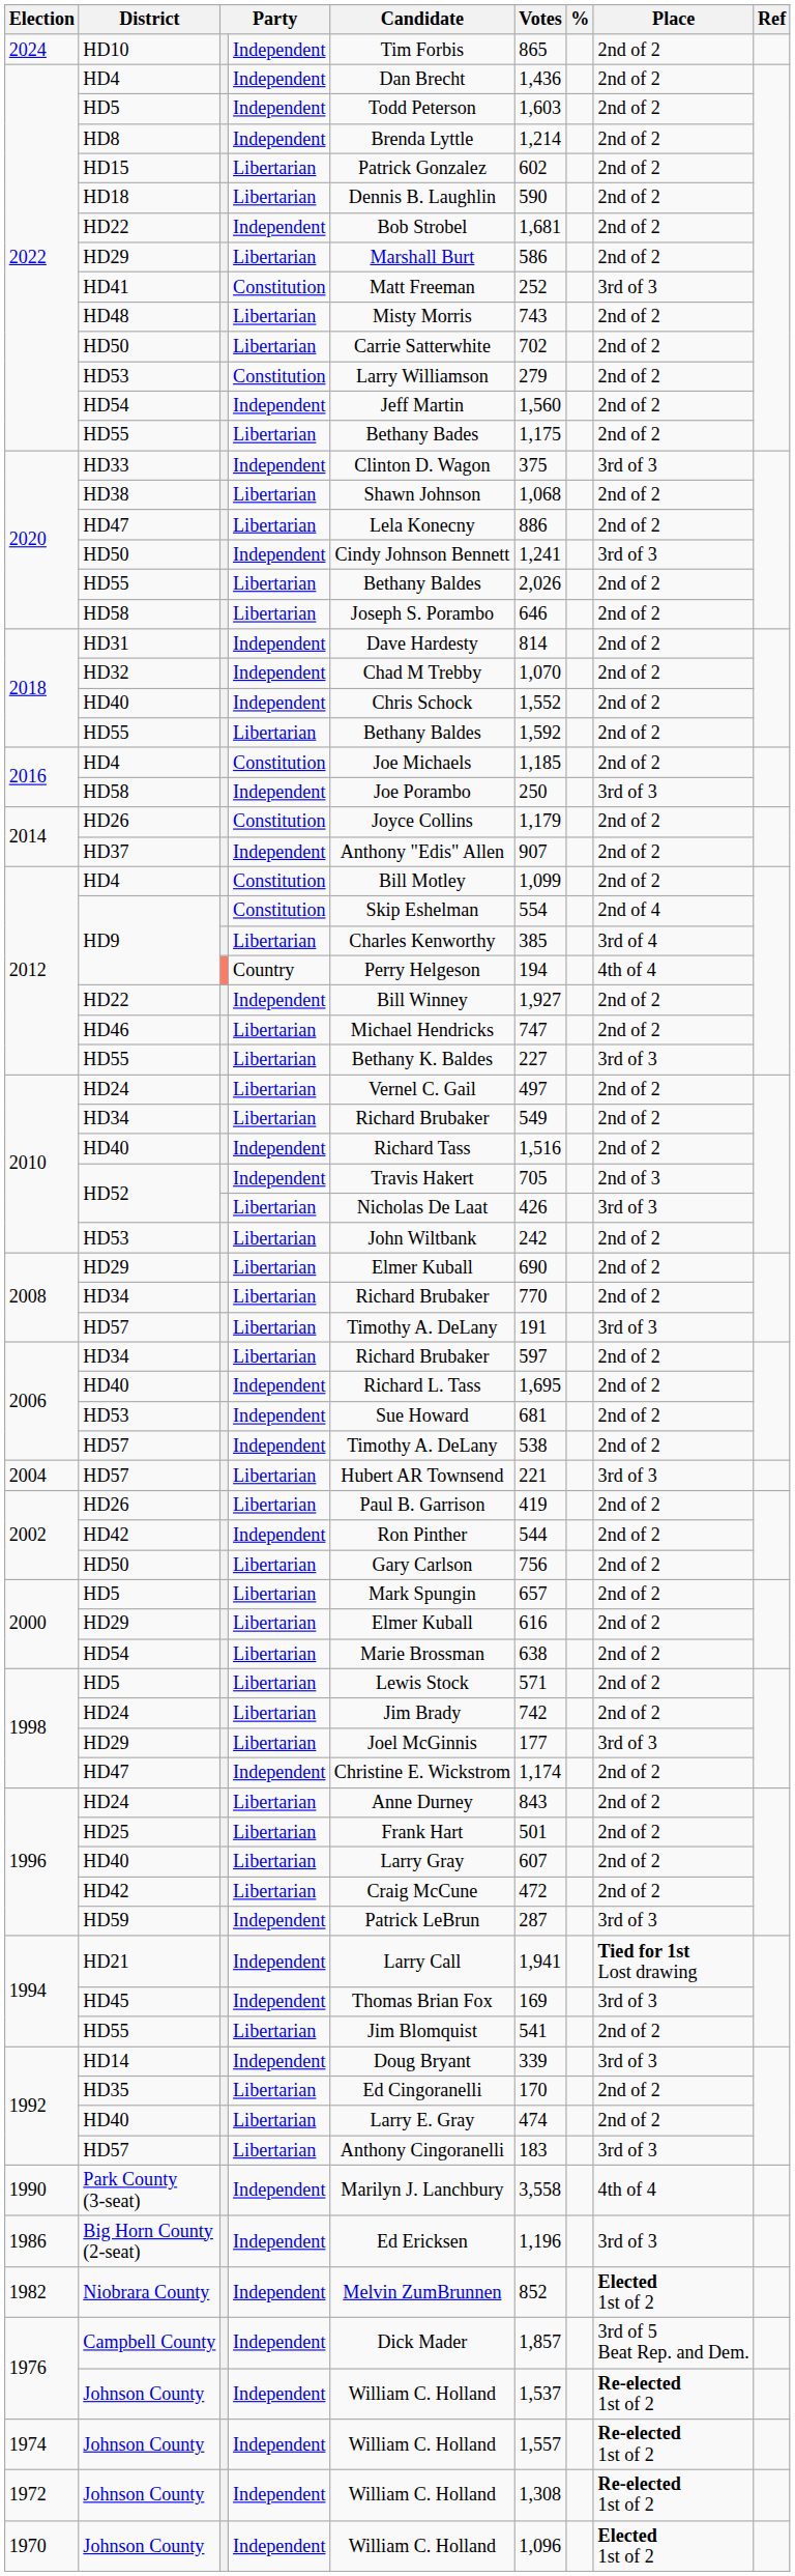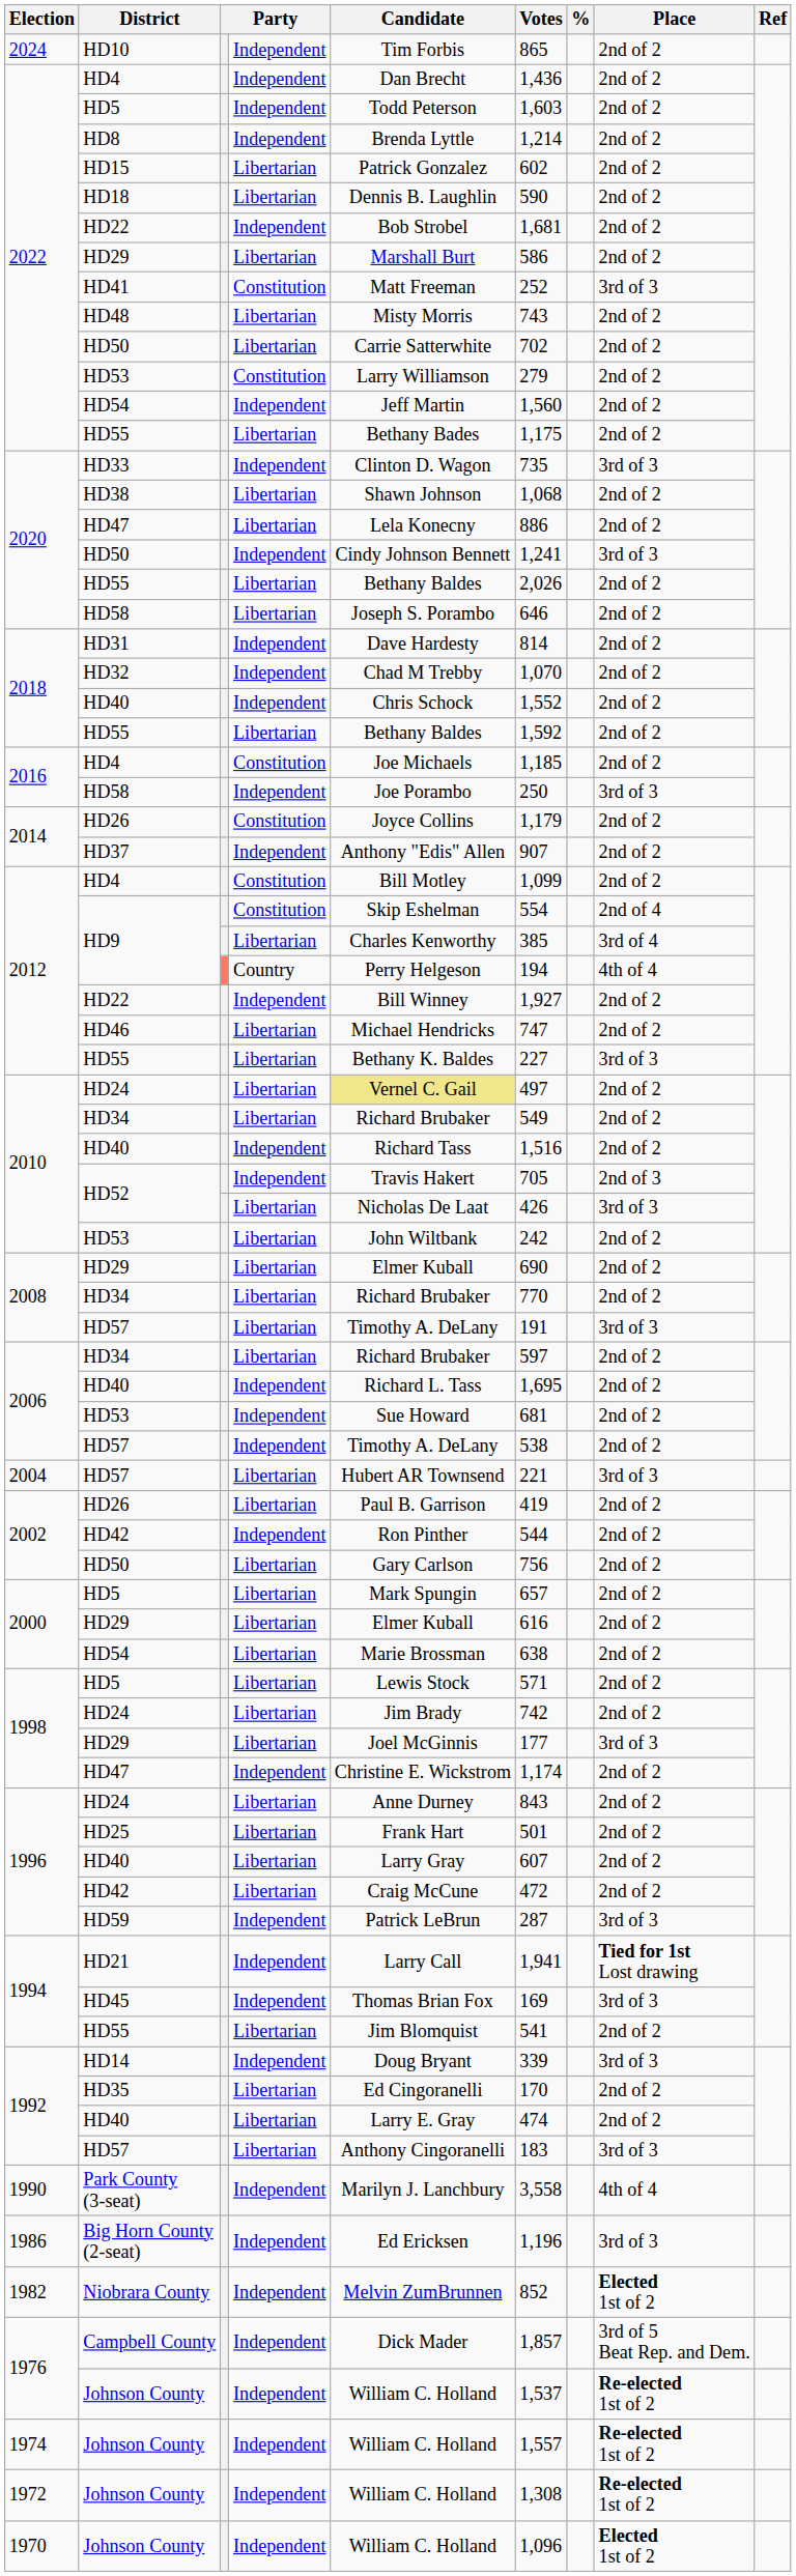 <table class="wikitable sortable">
 <tr>
 <th>Election</th>
 <th>District</th>
 <th colspan=2>Party</th>
 <th>Candidate</th>
 <th>Votes</th>
 <th>%</th>
 <th>Place</th>
 <th>Ref</th>
 </tr>
 <tr>
 <td rowspan=1><a href='#'>2024</a></td>
 <td>HD10</td>
 <th style="background-color:"></th>
 <td><a href='#'>Independent</a></td>
 <td align="center">Tim Forbis</td>
 <td>865</td>
 <td></td>
 <td>2nd of 2</td>
 <td rowspan=1></td>
 </tr>
 <tr>
 <td rowspan=13><a href='#'>2022</a></td>
 <td>HD4</td>
 <th style="background-color:"></th>
 <td><a href='#'>Independent</a></td>
 <td align="center">Dan Brecht</td>
 <td>1,436</td>
 <td></td>
 <td>2nd of 2</td>
 <td rowspan=13></td>
 </tr>
 <tr>
 <td>HD5</td>
 <th style="background-color:"></th>
 <td><a href='#'>Independent</a></td>
 <td align="center">Todd Peterson</td>
 <td>1,603</td>
 <td></td>
 <td>2nd of 2</td>
 </tr>
 <tr>
 <td>HD8</td>
 <th style="background-color:"></th>
 <td><a href='#'>Independent</a></td>
 <td align="center">Brenda Lyttle</td>
 <td>1,214</td>
 <td></td>
 <td>2nd of 2</td>
 </tr>
 <tr>
 <td>HD15</td>
 <th style="background-color:"></th>
 <td><a href='#'>Libertarian</a></td>
 <td align="center">Patrick Gonzalez</td>
 <td>602</td>
 <td></td>
 <td>2nd of 2</td>
 </tr>
 <tr>
 <td>HD18</td>
 <th style="background-color:"></th>
 <td><a href='#'>Libertarian</a></td>
 <td align="center">Dennis B. Laughlin</td>
 <td>590</td>
 <td></td>
 <td>2nd of 2</td>
 </tr>
 <tr>
 <td>HD22</td>
 <th style="background-color:"></th>
 <td><a href='#'>Independent</a></td>
 <td align="center">Bob Strobel</td>
 <td>1,681</td>
 <td></td>
 <td>2nd of 2</td>
 </tr>
 <tr>
 <td>HD29</td>
 <th style="background-color:"></th>
 <td><a href='#'>Libertarian</a></td>
 <td align="center"><a href='#'>Marshall Burt</a></td>
 <td>586</td>
 <td></td>
 <td>2nd of 2</td>
 </tr>
 <tr>
 <td>HD41</td>
 <th style="background-color:"></th>
 <td><a href='#'>Constitution</a></td>
 <td align="center">Matt Freeman</td>
 <td>252</td>
 <td></td>
 <td>3rd of 3</td>
 </tr>
 <tr>
 <td>HD48</td>
 <th style="background-color:"></th>
 <td><a href='#'>Libertarian</a></td>
 <td align="center">Misty Morris</td>
 <td>743</td>
 <td></td>
 <td>2nd of 2</td>
 </tr>
 <tr>
 <td>HD50</td>
 <th style="background-color:"></th>
 <td><a href='#'>Libertarian</a></td>
 <td align="center">Carrie Satterwhite</td>
 <td>702</td>
 <td></td>
 <td>2nd of 2</td>
 </tr>
 <tr>
 <td>HD53</td>
 <th style="background-color:"></th>
 <td><a href='#'>Constitution</a></td>
 <td align="center">Larry Williamson</td>
 <td>279</td>
 <td></td>
 <td>2nd of 2</td>
 </tr>
 <tr>
 <td>HD54</td>
 <th style="background-color:"></th>
 <td><a href='#'>Independent</a></td>
 <td align="center">Jeff Martin</td>
 <td>1,560</td>
 <td></td>
 <td>2nd of 2</td>
 </tr>
 <tr>
 <td>HD55</td>
 <th style="background-color:"></th>
 <td><a href='#'>Libertarian</a></td>
 <td align="center">Bethany Bades</td>
 <td>1,175</td>
 <td></td>
 <td>2nd of 2</td>
 </tr>
 <tr>
 <td rowspan=6><a href='#'>2020</a></td>
 <td>HD33</td>
 <th style="background-color:"></th>
 <td><a href='#'>Independent</a></td>
 <td align="center">Clinton D. Wagon</td>
-<td>375</td>
+<td>735</td>
 <td></td>
 <td>3rd of 3</td>
 <td rowspan=6></td>
 </tr>
 <tr>
 <td>HD38</td>
 <th style="background-color:"></th>
 <td><a href='#'>Libertarian</a></td>
 <td align="center">Shawn Johnson</td>
 <td>1,068</td>
 <td></td>
 <td>2nd of 2</td>
 </tr>
 <tr>
 <td>HD47</td>
 <th style="background-color:"></th>
 <td><a href='#'>Libertarian</a></td>
 <td align="center">Lela Konecny</td>
 <td>886</td>
 <td></td>
 <td>2nd of 2</td>
 </tr>
 <tr>
 <td>HD50</td>
 <th style="background-color:"></th>
 <td><a href='#'>Independent</a></td>
 <td align="center">Cindy Johnson Bennett</td>
 <td>1,241</td>
 <td></td>
 <td>3rd of 3</td>
 </tr>
 <tr>
 <td>HD55</td>
 <th style="background-color:"></th>
 <td><a href='#'>Libertarian</a></td>
 <td align="center">Bethany Baldes</td>
 <td>2,026</td>
 <td></td>
 <td>2nd of 2</td>
 </tr>
 <tr>
 <td>HD58</td>
 <th style="background-color:"></th>
 <td><a href='#'>Libertarian</a></td>
 <td align="center">Joseph S. Porambo</td>
 <td>646</td>
 <td></td>
 <td>2nd of 2</td>
 </tr>
 <tr>
 <td rowspan=4><a href='#'>2018</a></td>
 <td>HD31</td>
 <th style="background-color:"></th>
 <td><a href='#'>Independent</a></td>
 <td align="center">Dave Hardesty</td>
 <td>814</td>
 <td></td>
 <td>2nd of 2</td>
 <td rowspan=4></td>
 </tr>
 <tr>
 <td>HD32</td>
 <th style="background-color:"></th>
 <td><a href='#'>Independent</a></td>
 <td align="center">Chad M Trebby</td>
 <td>1,070</td>
 <td></td>
 <td>2nd of 2</td>
 </tr>
 <tr>
 <td>HD40</td>
 <th style="background-color:"></th>
 <td><a href='#'>Independent</a></td>
 <td align="center">Chris Schock</td>
 <td>1,552</td>
 <td></td>
 <td>2nd of 2</td>
 </tr>
 <tr>
 <td>HD55</td>
 <th style="background-color:"></th>
 <td><a href='#'>Libertarian</a></td>
 <td align="center">Bethany Baldes</td>
 <td>1,592</td>
 <td></td>
 <td>2nd of 2</td>
 </tr>
 <tr>
 <td rowspan=2><a href='#'>2016</a></td>
 <td>HD4</td>
 <th style="background-color:"></th>
 <td><a href='#'>Constitution</a></td>
 <td align="center">Joe Michaels</td>
 <td>1,185</td>
 <td></td>
 <td>2nd of 2</td>
 <td rowspan=2></td>
 </tr>
 <tr>
 <td>HD58</td>
 <th style="background-color:"></th>
 <td><a href='#'>Independent</a></td>
 <td align="center">Joe Porambo</td>
 <td>250</td>
 <td></td>
 <td>3rd of 3</td>
 </tr>
 <tr>
 <td rowspan=2>2014</td>
 <td>HD26</td>
 <th style="background-color:"></th>
 <td><a href='#'>Constitution</a></td>
 <td align="center">Joyce Collins</td>
 <td>1,179</td>
 <td></td>
 <td>2nd of 2</td>
 <td rowspan=2></td>
 </tr>
 <tr>
 <td>HD37</td>
 <th style="background-color:"></th>
 <td><a href='#'>Independent</a></td>
 <td align="center">Anthony "Edis" Allen</td>
 <td>907</td>
 <td></td>
 <td>2nd of 2</td>
 </tr>
 <tr>
 <td rowspan=7>2012</td>
 <td>HD4</td>
 <th style="background-color:"></th>
 <td><a href='#'>Constitution</a></td>
 <td align="center">Bill Motley</td>
 <td>1,099</td>
 <td></td>
 <td>2nd of 2</td>
 <td rowspan=7></td>
 </tr>
 <tr>
 <td rowspan=3>HD9</td>
 <th style="background-color:"></th>
 <td><a href='#'>Constitution</a></td>
 <td align="center">Skip Eshelman</td>
 <td>554</td>
 <td></td>
 <td>2nd of 4</td>
 </tr>
 <tr>
 <th style="background-color:"></th>
 <td><a href='#'>Libertarian</a></td>
 <td align="center">Charles Kenworthy</td>
 <td>385</td>
 <td></td>
 <td>3rd of 4</td>
 </tr>
 <tr>
 <th style="background-color:#FF7963"></th>
 <td>Country</td>
 <td align="center">Perry Helgeson</td>
 <td>194</td>
 <td></td>
 <td>4th of 4</td>
 </tr>
 <tr>
 <td>HD22</td>
 <th style="background-color:"></th>
 <td><a href='#'>Independent</a></td>
 <td align="center">Bill Winney</td>
 <td>1,927</td>
 <td></td>
 <td>2nd of 2</td>
 </tr>
 <tr>
 <td>HD46</td>
 <th style="background-color:"></th>
 <td><a href='#'>Libertarian</a></td>
 <td align="center">Michael Hendricks</td>
 <td>747</td>
 <td></td>
 <td>2nd of 2</td>
 </tr>
 <tr>
 <td>HD55</td>
 <th style="background-color:"></th>
 <td><a href='#'>Libertarian</a></td>
 <td align="center">Bethany K. Baldes</td>
 <td>227</td>
 <td></td>
 <td>3rd of 3</td>
 </tr>
 <tr>
 <td rowspan=6>2010</td>
 <td>HD24</td>
 <th style="background-color:"></th>
 <td><a href='#'>Libertarian</a></td>
-<td align="center">Vernel C. Gail</td>
+<td align="center" style="background: khaki;">Vernel C. Gail</td>
 <td>497</td>
 <td></td>
 <td>2nd of 2</td>
 <td rowspan=6></td>
 </tr>
 <tr>
 <td>HD34</td>
 <th style="background-color:"></th>
 <td><a href='#'>Libertarian</a></td>
 <td align="center">Richard Brubaker</td>
 <td>549</td>
 <td></td>
 <td>2nd of 2</td>
 </tr>
 <tr>
 <td>HD40</td>
 <th style="background-color:"></th>
 <td><a href='#'>Independent</a></td>
 <td align="center">Richard Tass</td>
 <td>1,516</td>
 <td></td>
 <td>2nd of 2</td>
 </tr>
 <tr>
 <td rowspan=2>HD52</td>
 <th style="background-color:"></th>
 <td><a href='#'>Independent</a></td>
 <td align="center">Travis Hakert</td>
 <td>705</td>
 <td></td>
 <td>2nd of 3</td>
 </tr>
 <tr>
 <th style="background-color:"></th>
 <td><a href='#'>Libertarian</a></td>
 <td align="center">Nicholas De Laat</td>
 <td>426</td>
 <td></td>
 <td>3rd of 3</td>
 </tr>
 <tr>
 <td>HD53</td>
 <th style="background-color:"></th>
 <td><a href='#'>Libertarian</a></td>
 <td align="center">John Wiltbank</td>
 <td>242</td>
 <td></td>
 <td>2nd of 2</td>
 </tr>
 <tr>
 <td rowspan=3>2008</td>
 <td>HD29</td>
 <th style="background-color:"></th>
 <td><a href='#'>Libertarian</a></td>
 <td align="center">Elmer Kuball</td>
 <td>690</td>
 <td></td>
 <td>2nd of 2</td>
 <td rowspan=3></td>
 </tr>
 <tr>
 <td>HD34</td>
 <th style="background-color:"></th>
 <td><a href='#'>Libertarian</a></td>
 <td align="center">Richard Brubaker</td>
 <td>770</td>
 <td></td>
 <td>2nd of 2</td>
 </tr>
 <tr>
 <td>HD57</td>
 <th style="background-color:"></th>
 <td><a href='#'>Libertarian</a></td>
 <td align="center">Timothy A. DeLany</td>
 <td>191</td>
 <td></td>
 <td>3rd of 3</td>
 </tr>
 <tr>
 <td rowspan=4>2006</td>
 <td>HD34</td>
 <th style="background-color:"></th>
 <td><a href='#'>Libertarian</a></td>
 <td align="center">Richard Brubaker</td>
 <td>597</td>
 <td></td>
 <td>2nd of 2</td>
 <td rowspan=4></td>
 </tr>
 <tr>
 <td>HD40</td>
 <th style="background-color:"></th>
 <td><a href='#'>Independent</a></td>
 <td align="center">Richard L. Tass</td>
 <td>1,695</td>
 <td></td>
 <td>2nd of 2</td>
 </tr>
 <tr>
 <td>HD53</td>
 <th style="background-color:"></th>
 <td><a href='#'>Independent</a></td>
 <td align="center">Sue Howard</td>
 <td>681</td>
 <td></td>
 <td>2nd of 2</td>
 </tr>
 <tr>
 <td>HD57</td>
 <th style="background-color:"></th>
 <td><a href='#'>Independent</a></td>
 <td align="center">Timothy A. DeLany</td>
 <td>538</td>
 <td></td>
 <td>2nd of 2</td>
 </tr>
 <tr>
 <td>2004</td>
 <td>HD57</td>
 <th style="background-color:"></th>
 <td><a href='#'>Libertarian</a></td>
 <td align="center">Hubert AR Townsend</td>
 <td>221</td>
 <td></td>
 <td>3rd of 3</td>
 <td></td>
 </tr>
 <tr>
 <td rowspan=3>2002</td>
 <td>HD26</td>
 <th style="background-color:"></th>
 <td><a href='#'>Libertarian</a></td>
 <td align="center">Paul B. Garrison</td>
 <td>419</td>
 <td></td>
 <td>2nd of 2</td>
 <td rowspan=3></td>
 </tr>
 <tr>
 <td>HD42</td>
 <th style="background-color:"></th>
 <td><a href='#'>Independent</a></td>
 <td align="center">Ron Pinther</td>
 <td>544</td>
 <td></td>
 <td>2nd of 2</td>
 </tr>
 <tr>
 <td>HD50</td>
 <th style="background-color:"></th>
 <td><a href='#'>Libertarian</a></td>
 <td align="center">Gary Carlson</td>
 <td>756</td>
 <td></td>
 <td>2nd of 2</td>
 </tr>
 <tr>
 <td rowspan=3>2000</td>
 <td>HD5</td>
 <th style="background-color:"></th>
 <td><a href='#'>Libertarian</a></td>
 <td align="center">Mark Spungin</td>
 <td>657</td>
 <td></td>
 <td>2nd of 2</td>
 <td rowspan=3></td>
 </tr>
 <tr>
 <td>HD29</td>
 <th style="background-color:"></th>
 <td><a href='#'>Libertarian</a></td>
 <td align="center">Elmer Kuball</td>
 <td>616</td>
 <td></td>
 <td>2nd of 2</td>
 </tr>
 <tr>
 <td>HD54</td>
 <th style="background-color:"></th>
 <td><a href='#'>Libertarian</a></td>
 <td align="center">Marie Brossman</td>
 <td>638</td>
 <td></td>
 <td>2nd of 2</td>
 </tr>
 <tr>
 <td rowspan=4>1998</td>
 <td>HD5</td>
 <th style="background-color:"></th>
 <td><a href='#'>Libertarian</a></td>
 <td align="center">Lewis Stock</td>
 <td>571</td>
 <td></td>
 <td>2nd of 2</td>
 <td rowspan=4></td>
 </tr>
 <tr>
 <td>HD24</td>
 <th style="background-color:"></th>
 <td><a href='#'>Libertarian</a></td>
 <td align="center">Jim Brady</td>
 <td>742</td>
 <td></td>
 <td>2nd of 2</td>
 </tr>
 <tr>
 <td>HD29</td>
 <th style="background-color:"></th>
 <td><a href='#'>Libertarian</a></td>
 <td align="center">Joel McGinnis</td>
 <td>177</td>
 <td></td>
 <td>3rd of 3</td>
 </tr>
 <tr>
 <td>HD47</td>
 <th style="background-color:"></th>
 <td><a href='#'>Independent</a></td>
 <td align="center">Christine E. Wickstrom</td>
 <td>1,174</td>
 <td></td>
 <td>2nd of 2</td>
 </tr>
 <tr>
 <td rowspan=5>1996</td>
 <td>HD24</td>
 <th style="background-color:"></th>
 <td><a href='#'>Libertarian</a></td>
 <td align="center">Anne Durney</td>
 <td>843</td>
 <td></td>
 <td>2nd of 2</td>
 <td rowspan=5></td>
 </tr>
 <tr>
 <td>HD25</td>
 <th style="background-color:"></th>
 <td><a href='#'>Libertarian</a></td>
 <td align="center">Frank Hart</td>
 <td>501</td>
 <td></td>
 <td>2nd of 2</td>
 </tr>
 <tr>
 <td>HD40</td>
 <th style="background-color:"></th>
 <td><a href='#'>Libertarian</a></td>
 <td align="center">Larry Gray</td>
 <td>607</td>
 <td></td>
 <td>2nd of 2</td>
 </tr>
 <tr>
 <td>HD42</td>
 <th style="background-color:"></th>
 <td><a href='#'>Libertarian</a></td>
 <td align="center">Craig McCune</td>
 <td>472</td>
 <td></td>
 <td>2nd of 2</td>
 </tr>
 <tr>
 <td>HD59</td>
 <th style="background-color:"></th>
 <td><a href='#'>Independent</a></td>
 <td align="center">Patrick LeBrun</td>
 <td>287</td>
 <td></td>
 <td>3rd of 3</td>
 </tr>
 <tr>
 <td rowspan=3>1994</td>
 <td>HD21</td>
 <th style="background-color:"></th>
 <td><a href='#'>Independent</a></td>
 <td align="center">Larry Call</td>
 <td>1,941</td>
 <td></td>
 <td><strong>Tied for 1st</strong><br>Lost drawing</td>
 <td rowspan=3></td>
 </tr>
 <tr>
 <td>HD45</td>
 <th style="background-color:"></th>
 <td><a href='#'>Independent</a></td>
 <td align="center">Thomas Brian Fox</td>
 <td>169</td>
 <td></td>
 <td>3rd of 3</td>
 </tr>
 <tr>
 <td>HD55</td>
 <th style="background-color:"></th>
 <td><a href='#'>Libertarian</a></td>
 <td align="center">Jim Blomquist</td>
 <td>541</td>
 <td></td>
 <td>2nd of 2</td>
 </tr>
 <tr>
 <td rowspan=4>1992</td>
 <td>HD14</td>
 <th style="background-color:"></th>
 <td><a href='#'>Independent</a></td>
 <td align="center">Doug Bryant</td>
 <td>339</td>
 <td></td>
 <td>3rd of 3</td>
 <td rowspan=4></td>
 </tr>
 <tr>
 <td>HD35</td>
 <th style="background-color:"></th>
 <td><a href='#'>Libertarian</a></td>
 <td align="center">Ed Cingoranelli</td>
 <td>170</td>
 <td></td>
 <td>2nd of 2</td>
 </tr>
 <tr>
 <td>HD40</td>
 <th style="background-color:"></th>
 <td><a href='#'>Libertarian</a></td>
 <td align="center">Larry E. Gray</td>
 <td>474</td>
 <td></td>
 <td>2nd of 2</td>
 </tr>
 <tr>
 <td>HD57</td>
 <th style="background-color:"></th>
 <td><a href='#'>Libertarian</a></td>
 <td align="center">Anthony Cingoranelli</td>
 <td>183</td>
 <td></td>
 <td>3rd of 3</td>
 </tr>
 <tr>
 <td>1990</td>
 <td><a href='#'>Park County</a><br>(3-seat)</td>
 <th style="background-color:"></th>
 <td><a href='#'>Independent</a></td>
 <td align="center">Marilyn J. Lanchbury</td>
 <td>3,558</td>
 <td></td>
 <td>4th of 4</td>
 <td></td>
 </tr>
 <tr>
 <td>1986</td>
 <td><a href='#'>Big Horn County</a><br>(2-seat)</td>
 <th style="background-color:"></th>
 <td><a href='#'>Independent</a></td>
 <td align="center">Ed Ericksen</td>
 <td>1,196</td>
 <td></td>
 <td>3rd of 3</td>
 <td></td>
 </tr>
 <tr>
 <td>1982</td>
 <td><a href='#'>Niobrara County</a></td>
 <th style="background-color:"></th>
 <td><a href='#'>Independent</a></td>
 <td align="center"><a href='#'>Melvin ZumBrunnen</a></td>
 <td>852</td>
 <td></td>
 <td><strong>Elected</strong><br>1st of 2</td>
 <td></td>
 </tr>
 <tr>
 <td rowspan=2>1976</td>
 <td><a href='#'>Campbell County</a></td>
 <th style="background-color:"></th>
 <td><a href='#'>Independent</a></td>
 <td align="center">Dick Mader</td>
 <td>1,857</td>
 <td></td>
 <td>3rd of 5<br>Beat Rep. and Dem.</td>
 <td></td>
 </tr>
 <tr>
 <td><a href='#'>Johnson County</a></td>
 <th style="background-color:"></th>
 <td><a href='#'>Independent</a></td>
 <td align="center">William C. Holland</td>
 <td>1,537</td>
 <td></td>
 <td><strong>Re-elected</strong><br>1st of 2</td>
 <td></td>
 </tr>
 <tr>
 <td>1974</td>
 <td><a href='#'>Johnson County</a></td>
 <th style="background-color:"></th>
 <td><a href='#'>Independent</a></td>
 <td align="center">William C. Holland</td>
 <td>1,557</td>
 <td></td>
 <td><strong>Re-elected</strong><br>1st of 2</td>
 <td></td>
 </tr>
 <tr>
 <td>1972</td>
 <td><a href='#'>Johnson County</a></td>
 <th style="background-color:"></th>
 <td><a href='#'>Independent</a></td>
 <td align="center">William C. Holland</td>
 <td>1,308</td>
 <td></td>
 <td><strong>Re-elected</strong><br>1st of 2</td>
 <td></td>
 </tr>
 <tr>
 <td>1970</td>
 <td><a href='#'>Johnson County</a></td>
 <th style="background-color:"></th>
 <td><a href='#'>Independent</a></td>
 <td align="center">William C. Holland</td>
 <td>1,096</td>
 <td></td>
 <td><strong>Elected</strong><br>1st of 2</td>
 <td></td>
 </tr>
 <tr>
 </tr>
 </table>
